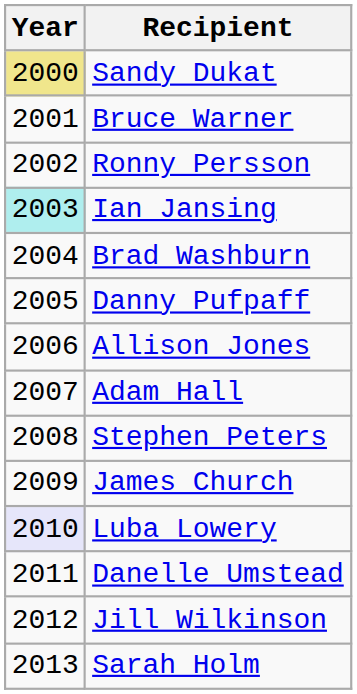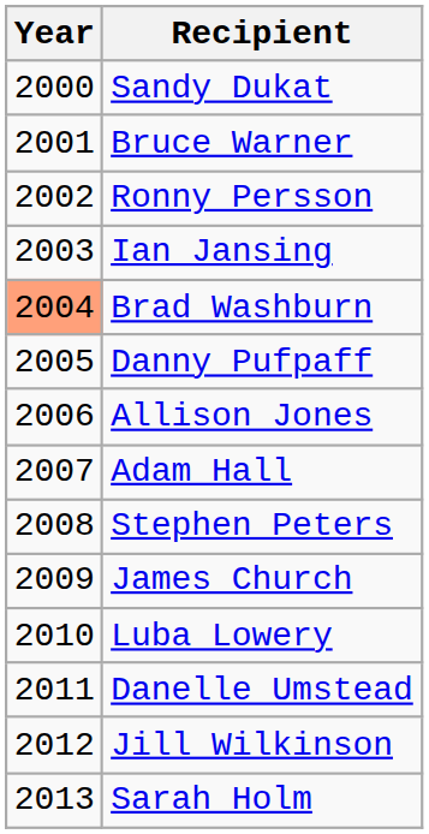 <table class="wikitable">
 <tr>
 <th><strong>Year</strong></th>
 <th><strong>Recipient</strong></th>
 </tr>
 <tr>
-<td style="background: khaki;">2000</td>
+<td>2000</td>
 <td><a href='#'>Sandy Dukat</a></td>
 </tr>
 <tr>
 <td>2001</td>
 <td><a href='#'>Bruce Warner</a></td>
 </tr>
 <tr>
 <td>2002</td>
 <td><a href='#'>Ronny Persson</a></td>
 </tr>
 <tr>
-<td style="background: paleturquoise;">2003</td>
+<td>2003</td>
 <td><a href='#'>Ian Jansing</a></td>
 </tr>
 <tr>
-<td>2004</td>
+<td style="background: lightsalmon;">2004</td>
 <td><a href='#'>Brad Washburn</a></td>
 </tr>
 <tr>
 <td>2005</td>
 <td><a href='#'>Danny Pufpaff</a></td>
 </tr>
 <tr>
 <td>2006</td>
 <td><a href='#'>Allison Jones</a></td>
 </tr>
 <tr>
 <td>2007</td>
 <td><a href='#'>Adam Hall</a></td>
 </tr>
 <tr>
 <td>2008</td>
 <td><a href='#'>Stephen Peters</a></td>
 </tr>
 <tr>
 <td>2009</td>
 <td><a href='#'>James Church</a></td>
 </tr>
 <tr>
-<td style="background: lavender;">2010</td>
+<td>2010</td>
 <td><a href='#'>Luba Lowery</a></td>
 </tr>
 <tr>
 <td>2011</td>
 <td><a href='#'>Danelle Umstead</a></td>
 </tr>
 <tr>
 <td>2012</td>
 <td><a href='#'>Jill Wilkinson</a></td>
 </tr>
 <tr>
 <td>2013</td>
 <td><a href='#'>Sarah Holm</a></td>
 </tr>
 </table>
